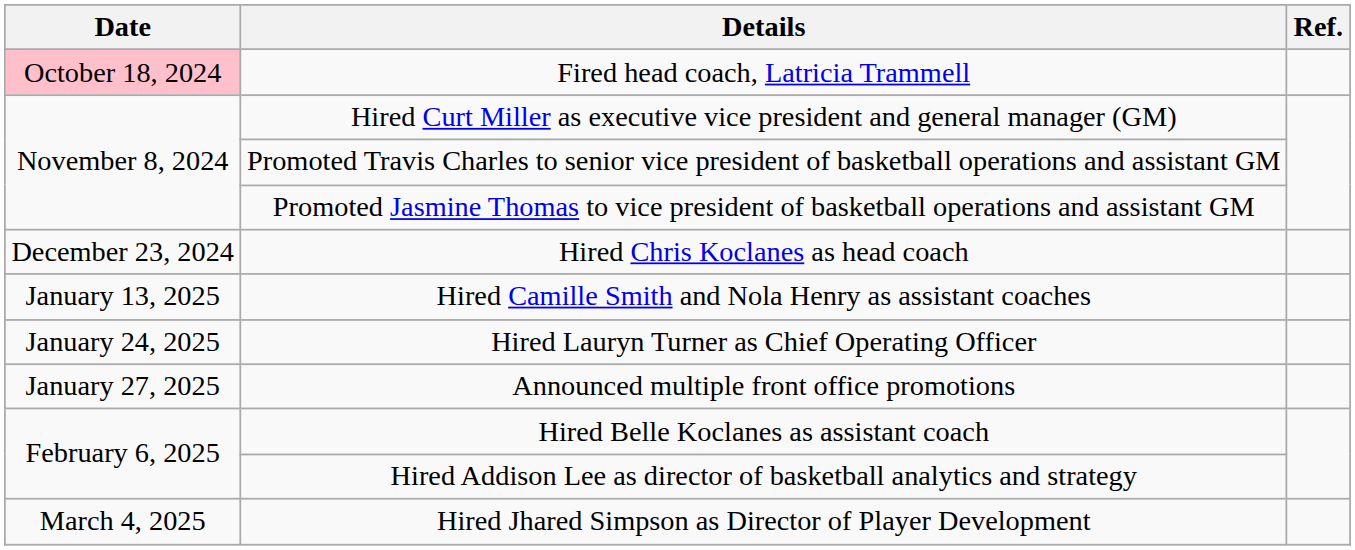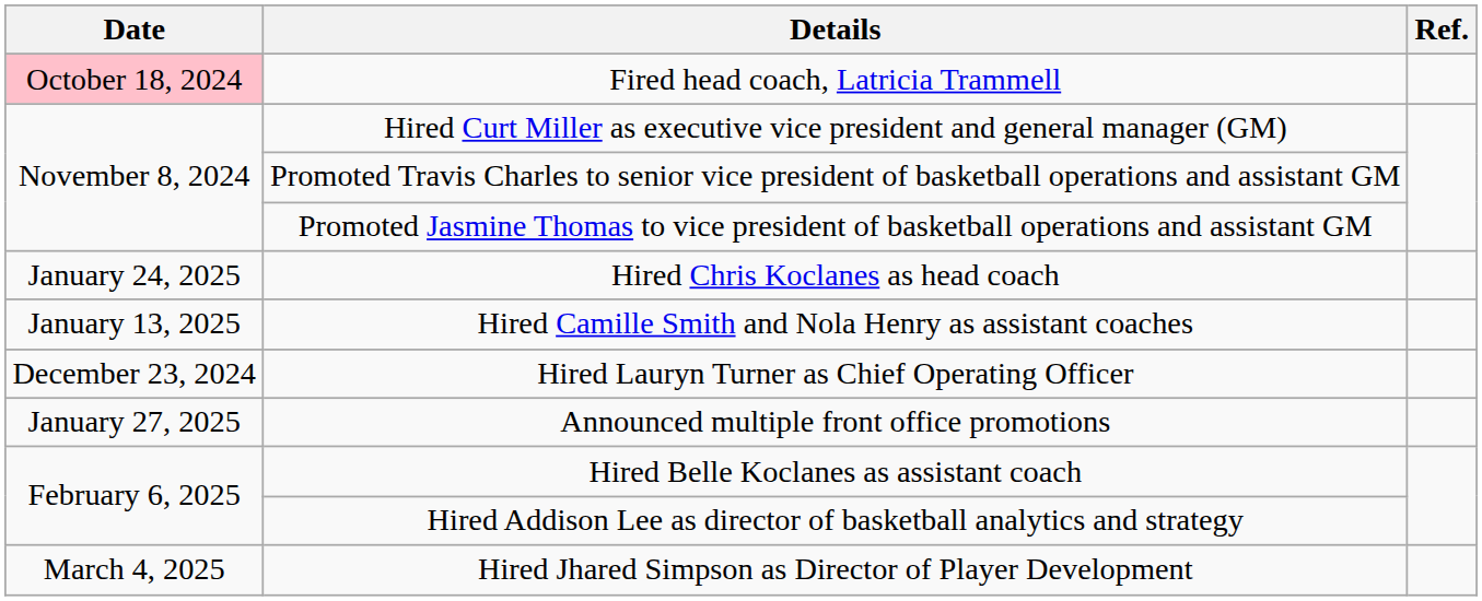 <table class="wikitable sortable sortable" style="text-align: center">
 <tr>
 <th>Date</th>
 <th>Details</th>
 <th>Ref.</th>
 </tr>
 <tr>
 <td style="background: pink;">October 18, 2024</td>
 <td>Fired head coach, <a href='#'>Latricia Trammell</a></td>
 <td></td>
 </tr>
 <tr>
 <td rowspan=3>November 8, 2024</td>
 <td>Hired <a href='#'>Curt Miller</a> as executive vice president and general manager (GM)</td>
 <td rowspan=3></td>
 </tr>
 <tr>
 <td>Promoted Travis Charles to senior vice president of basketball operations and assistant GM</td>
 </tr>
 <tr>
 <td>Promoted <a href='#'>Jasmine Thomas</a> to vice president of basketball operations and assistant GM</td>
 </tr>
 <tr>
-<td>December 23, 2024</td>
+<td>January 24, 2025</td>
 <td>Hired <a href='#'>Chris Koclanes</a> as head coach</td>
 <td></td>
 </tr>
 <tr>
 <td>January 13, 2025</td>
 <td>Hired <a href='#'>Camille Smith</a> and Nola Henry as assistant coaches</td>
 <td></td>
 </tr>
 <tr>
-<td>January 24, 2025</td>
+<td>December 23, 2024</td>
 <td>Hired Lauryn Turner as Chief Operating Officer</td>
 <td></td>
 </tr>
 <tr>
 <td>January 27, 2025</td>
 <td>Announced multiple front office promotions</td>
 <td></td>
 </tr>
 <tr>
 <td rowspan=2>February 6, 2025</td>
 <td>Hired Belle Koclanes as assistant coach</td>
 <td rowspan=2></td>
 </tr>
 <tr>
 <td>Hired Addison Lee as director of basketball analytics and strategy</td>
 </tr>
 <tr>
 <td>March 4, 2025</td>
 <td>Hired Jhared Simpson as Director of Player Development</td>
 <td></td>
 </tr>
 </table>
